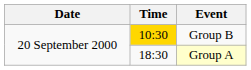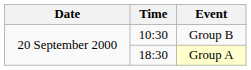 <table class = "wikitable" style="text-align:center;">
 <tr>
 <th width=150>Date</th>
 <th width=50>Time</th>
 <th width=80>Event</th>
 </tr>
 <tr>
 <td rowspan=2>20 September 2000</td>
-<td style="background: gold;">10:30</td>
+<td>10:30</td>
 <td>Group B</td>
 </tr>
 <tr>
 <td>18:30</td>
 <td bgcolor=ffffcc>Group A</td>
 </tr>
 </table>
